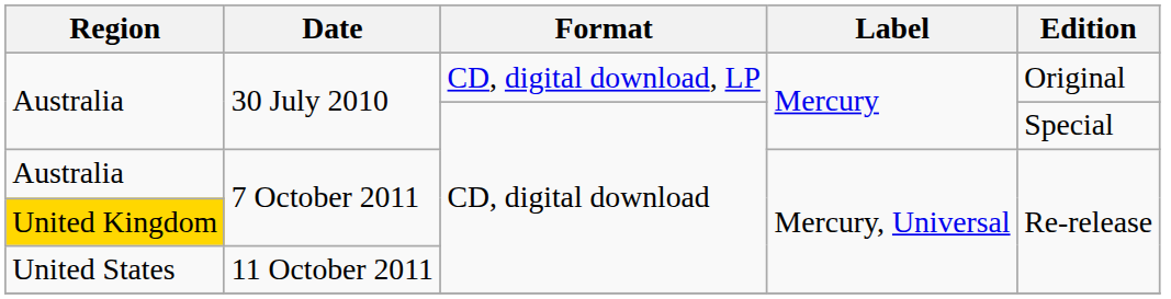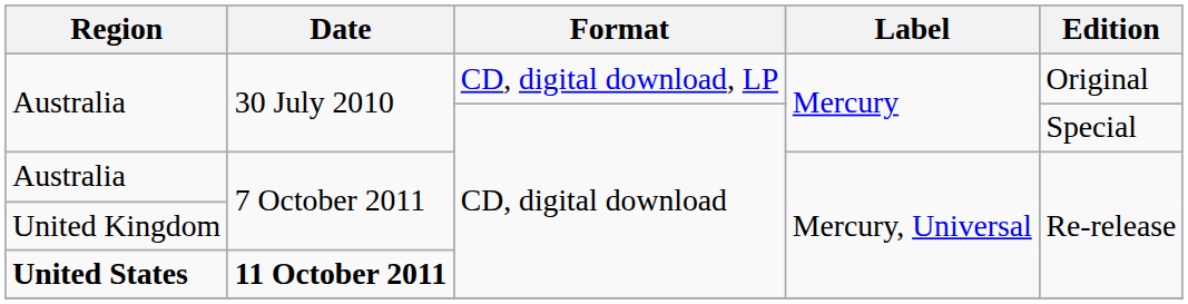 <table class="wikitable">
 <tr>
 <th scope="col">Region</th>
 <th scope="col">Date</th>
 <th scope="col">Format</th>
 <th scope="col">Label</th>
 <th scope="col">Edition</th>
 </tr>
 <tr>
 <td rowspan="2">Australia</td>
 <td rowspan="2">30 July 2010</td>
 <td><a href='#'>CD</a>, <a href='#'>digital download</a>, <a href='#'>LP</a></td>
 <td rowspan="2"><a href='#'>Mercury</a></td>
 <td>Original</td>
 </tr>
 <tr>
 <td rowspan="4">CD, digital download</td>
 <td>Special</td>
 </tr>
 <tr>
 <td>Australia</td>
 <td rowspan="2">7 October 2011</td>
 <td rowspan="3">Mercury, <a href='#'>Universal</a></td>
 <td rowspan="3">Re-release</td>
 </tr>
 <tr>
-<td style="background: gold;">United Kingdom</td>
+<td>United Kingdom</td>
 </tr>
 <tr>
-<td>United States</td>
-<td>11 October 2011</td>
+<td><strong>United States</strong></td>
+<td><strong>11 October 2011</strong></td>
 </tr>
 <tr>
 </tr>
 </table>
